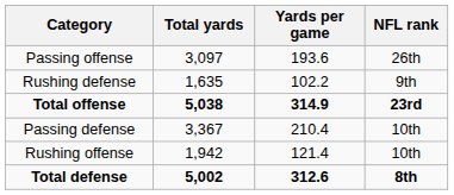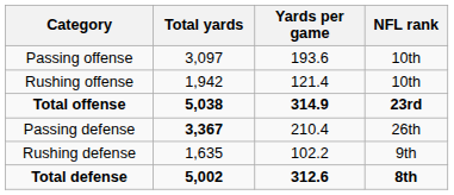 <table class="wikitable" style="text-align:center">
 <tr>
 <th width=150px>Category</th>
 <th width=100px>Total yards</th>
 <th width=110px>Yards per game</th>
 <th width=80px>NFL rank<br></th>
 </tr>
 <tr>
 <td>Passing offense</td>
 <td>3,097</td>
 <td>193.6</td>
+<td>10th</td>
+</tr>
+<tr>
+<td>Rushing offense</td>
+<td>1,942</td>
+<td>121.4</td>
+<td>10th</td>
+</tr>
+<tr>
+<td><strong>Total offense</strong></td>
+<td><strong>5,038</strong></td>
+<td><strong>314.9</strong></td>
+<td><strong>23rd</strong></td>
+</tr>
+<tr>
+<td>Passing defense</td>
+<td><strong>3,367</strong></td>
+<td>210.4</td>
 <td>26th</td>
 </tr>
 <tr>
 <td>Rushing defense</td>
 <td>1,635</td>
 <td>102.2</td>
 <td>9th</td>
 </tr>
 <tr>
-<td><strong>Total offense</strong></td>
-<td><strong>5,038</strong></td>
-<td><strong>314.9</strong></td>
-<td><strong>23rd</strong></td>
-</tr>
-<tr>
-<td>Passing defense</td>
-<td>3,367</td>
-<td>210.4</td>
-<td>10th</td>
-</tr>
-<tr>
-<td>Rushing offense</td>
-<td>1,942</td>
-<td>121.4</td>
-<td>10th</td>
-</tr>
-<tr>
 <td><strong>Total defense</strong></td>
 <td><strong>5,002</strong></td>
 <td><strong>312.6</strong></td>
 <td><strong>8th</strong></td>
 </tr>
 </table>
